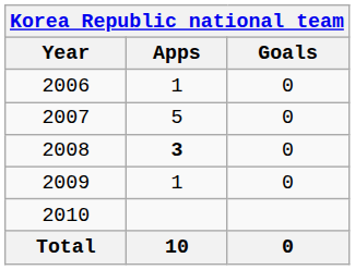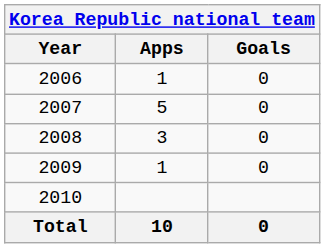 <table class="wikitable" style="text-align:center">
 <tr>
 <th colspan=3><a href='#'>Korea Republic national team</a></th>
 </tr>
 <tr>
 <th>Year</th>
 <th>Apps</th>
 <th>Goals</th>
 </tr>
 <tr>
 <td>2006</td>
 <td>1</td>
 <td>0</td>
 </tr>
 <tr>
 <td>2007</td>
 <td>5</td>
 <td>0</td>
 </tr>
 <tr>
 <td>2008</td>
-<td><strong>3</strong></td>
+<td>3</td>
 <td>0</td>
 </tr>
 <tr>
 <td>2009</td>
 <td>1</td>
 <td>0</td>
 </tr>
 <tr>
 <td>2010</td>
 <td></td>
 <td></td>
 </tr>
 <tr>
 <th>Total</th>
 <th>10</th>
 <th>0</th>
 </tr>
 </table>
